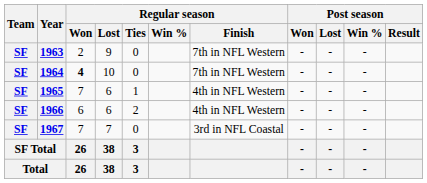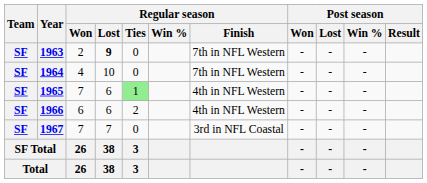 <table class="wikitable" style="font-size: 95%; text-align:center;">
 <tr>
 <th rowspan="2">Team</th>
 <th rowspan="2">Year</th>
 <th colspan="5">Regular season</th>
 <th colspan="4">Post season</th>
 </tr>
 <tr>
 <th>Won</th>
 <th>Lost</th>
 <th>Ties</th>
 <th>Win %</th>
 <th>Finish</th>
 <th>Won</th>
 <th>Lost</th>
 <th>Win %</th>
 <th>Result</th>
 </tr>
 <tr>
 <th><a href='#'>SF</a></th>
 <th><a href='#'>1963</a></th>
 <td>2</td>
-<td>9</td>
+<td><strong>9</strong></td>
 <td>0</td>
 <td></td>
 <td>7th in NFL Western</td>
 <td>-</td>
 <td>-</td>
 <td>-</td>
 <td></td>
 </tr>
 <tr>
 <th><a href='#'>SF</a></th>
 <th><a href='#'>1964</a></th>
-<td><strong>4</strong></td>
+<td>4</td>
 <td>10</td>
 <td>0</td>
 <td></td>
 <td>7th in NFL Western</td>
 <td>-</td>
 <td>-</td>
 <td>-</td>
 <td></td>
 </tr>
 <tr>
 <th><a href='#'>SF</a></th>
 <th><a href='#'>1965</a></th>
 <td>7</td>
 <td>6</td>
-<td>1</td>
+<td style="background: lightgreen;">1</td>
 <td></td>
 <td>4th in NFL Western</td>
 <td>-</td>
 <td>-</td>
 <td>-</td>
 <td></td>
 </tr>
 <tr>
 <th><a href='#'>SF</a></th>
 <th><a href='#'>1966</a></th>
 <td>6</td>
 <td>6</td>
 <td>2</td>
 <td></td>
 <td>4th in NFL Western</td>
 <td>-</td>
 <td>-</td>
 <td>-</td>
 <td></td>
 </tr>
 <tr>
 <th><a href='#'>SF</a></th>
 <th><a href='#'>1967</a></th>
 <td>7</td>
 <td>7</td>
 <td>0</td>
 <td></td>
 <td>3rd in NFL Coastal</td>
 <td>-</td>
 <td>-</td>
 <td>-</td>
 <td></td>
 </tr>
 <tr>
 <th colspan="2">SF Total</th>
 <th>26</th>
 <th>38</th>
 <th>3</th>
 <th></th>
 <th></th>
 <th>-</th>
 <th>-</th>
 <th>-</th>
 <th></th>
 </tr>
 <tr>
 <th colspan="2">Total</th>
 <th>26</th>
 <th>38</th>
 <th>3</th>
 <th></th>
 <th></th>
 <th>-</th>
 <th>-</th>
 <th>-</th>
 <th></th>
 </tr>
 </table>
